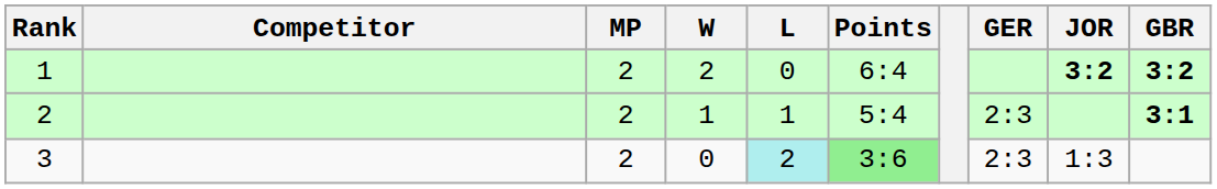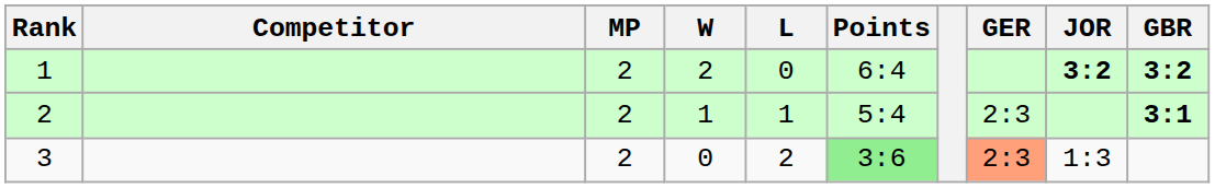 <table class="wikitable" style="text-align:center">
 <tr>
 <th>Rank</th>
 <th style="width:18em">Competitor</th>
 <th style="width:2.5em">MP</th>
 <th style="width:2.5em">W</th>
 <th style="width:2.5em">L</th>
 <th>Points</th>
 <th rowspan="4"> </th>
 <th style="width:2.5em">GER</th>
 <th style="width:2.5em">JOR</th>
 <th style="width:2.5em">GBR</th>
 </tr>
 <tr style="background:#cfc;">
 <td>1</td>
 <td style="text-align:left"></td>
 <td>2</td>
 <td>2</td>
 <td>0</td>
 <td>6:4</td>
 <td></td>
 <td><strong>3:2</strong></td>
 <td><strong>3:2</strong></td>
 </tr>
 <tr style="background:#cfc;">
 <td>2</td>
 <td style="text-align:left"></td>
 <td>2</td>
 <td>1</td>
 <td>1</td>
 <td>5:4</td>
 <td>2:3</td>
 <td></td>
 <td><strong>3:1</strong></td>
 </tr>
 <tr>
 <td>3</td>
 <td style="text-align:left"></td>
 <td>2</td>
 <td>0</td>
-<td style="background: paleturquoise;">2</td>
+<td>2</td>
 <td style="background: lightgreen;">3:6</td>
-<td>2:3</td>
+<td style="background: lightsalmon;">2:3</td>
 <td>1:3</td>
 <td></td>
 </tr>
 </table>
